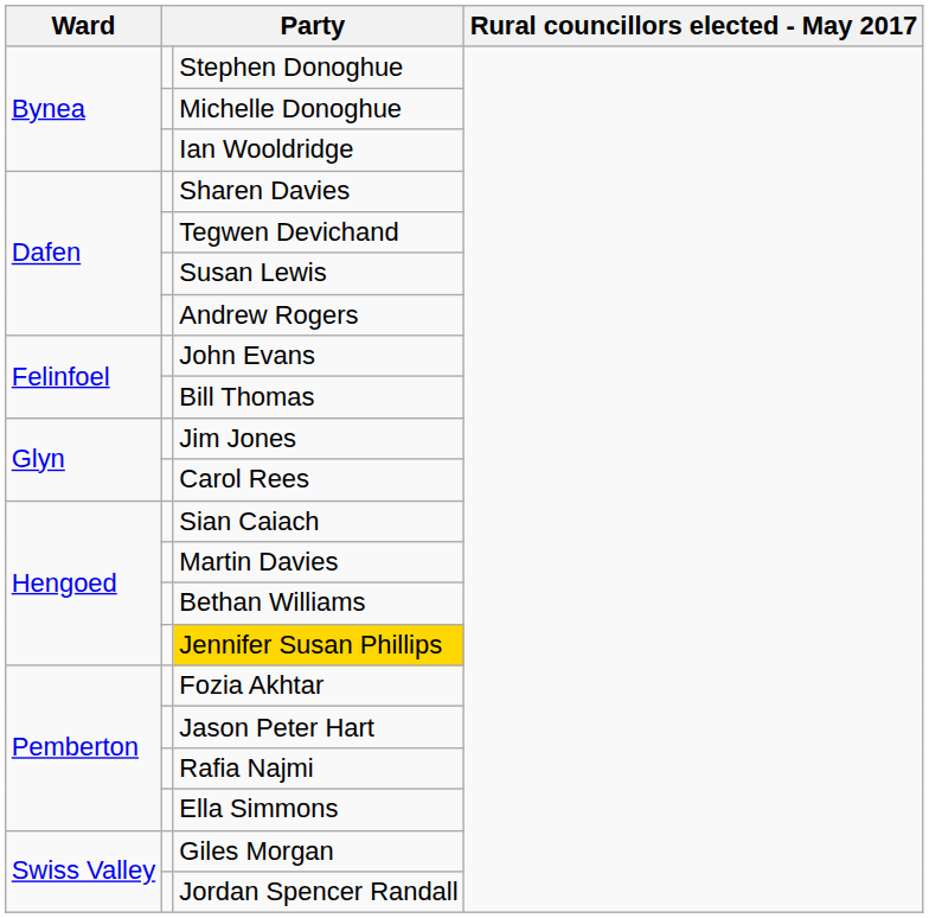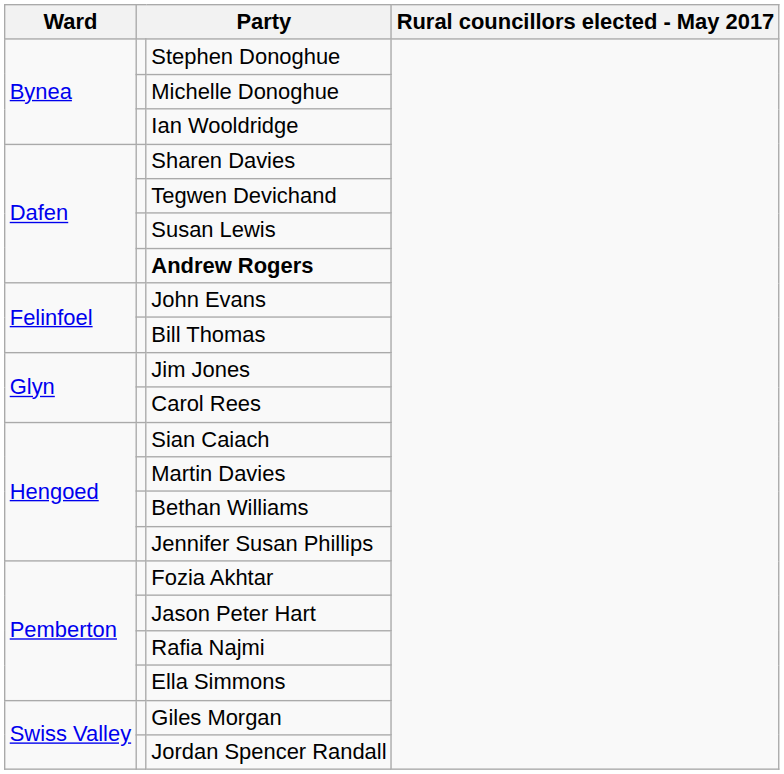 <table class="wikitable">
 <tr>
 <th>Ward</th>
 <th colspan=2>Party</th>
 <th>Rural councillors elected - May 2017</th>
 </tr>
 <tr>
 <td rowspan="3"><a href='#'>Bynea</a></td>
 <td></td>
 <td>Stephen Donoghue</td>
 </tr>
 <tr>
 <td></td>
 <td>Michelle Donoghue</td>
 </tr>
 <tr>
 <td></td>
 <td>Ian Wooldridge</td>
 </tr>
 <tr>
 <td rowspan="4"><a href='#'>Dafen</a></td>
 <td></td>
 <td>Sharen Davies</td>
 </tr>
 <tr>
 <td></td>
 <td>Tegwen Devichand</td>
 </tr>
 <tr>
 <td></td>
 <td>Susan Lewis</td>
 </tr>
 <tr>
 <td></td>
-<td>Andrew Rogers</td>
+<td><strong>Andrew Rogers</strong></td>
 </tr>
 <tr>
 <td rowspan="2"><a href='#'>Felinfoel</a></td>
 <td></td>
 <td>John Evans</td>
 </tr>
 <tr>
 <td></td>
 <td>Bill Thomas</td>
 </tr>
 <tr>
 <td rowspan="2"><a href='#'>Glyn</a></td>
 <td></td>
 <td>Jim Jones</td>
 </tr>
 <tr>
 <td></td>
 <td>Carol Rees</td>
 </tr>
 <tr>
 <td rowspan="4"><a href='#'>Hengoed</a></td>
 <td></td>
 <td>Sian Caiach</td>
 </tr>
 <tr>
 <td></td>
 <td>Martin Davies</td>
 </tr>
 <tr>
 <td></td>
 <td>Bethan Williams</td>
 </tr>
 <tr>
 <td></td>
-<td style="background: gold;">Jennifer Susan Phillips</td>
+<td>Jennifer Susan Phillips</td>
 </tr>
 <tr>
 <td rowspan="4"><a href='#'>Pemberton</a></td>
 <td></td>
 <td>Fozia Akhtar</td>
 </tr>
 <tr>
 <td></td>
 <td>Jason Peter Hart</td>
 </tr>
 <tr>
 <td></td>
 <td>Rafia Najmi</td>
 </tr>
 <tr>
 <td></td>
 <td>Ella Simmons</td>
 </tr>
 <tr>
 <td rowspan="2"><a href='#'>Swiss Valley</a></td>
 <td></td>
 <td>Giles Morgan</td>
 </tr>
 <tr>
 <td></td>
 <td>Jordan Spencer Randall</td>
 </tr>
 </table>
